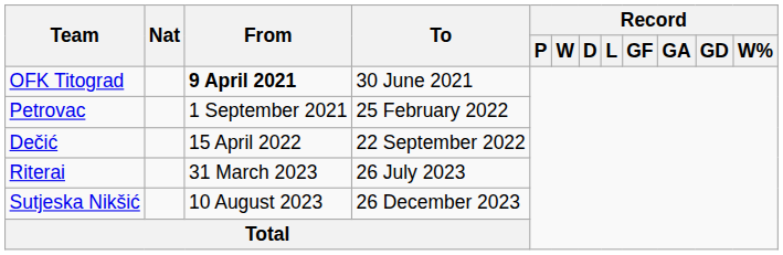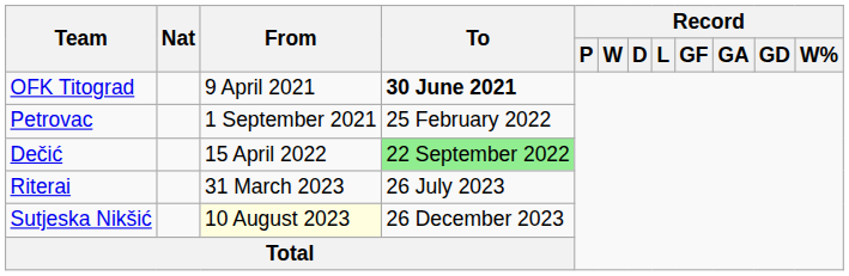 <table class="wikitable" style="text-align:center">
 <tr>
 <th rowspan="2">Team</th>
 <th rowspan="2">Nat</th>
 <th rowspan="2">From</th>
 <th rowspan="2">To</th>
 <th colspan="8">Record</th>
 </tr>
 <tr>
 <th>P</th>
 <th>W</th>
 <th>D</th>
 <th>L</th>
 <th>GF</th>
 <th>GA</th>
 <th>GD</th>
 <th>W%</th>
 </tr>
 <tr>
 <td align=left><a href='#'>OFK Titograd</a></td>
 <td></td>
-<td align=left><strong>9 April 2021</strong></td>
-<td align=left>30 June 2021<br></td>
+<td align=left>9 April 2021</td>
+<td align=left><strong>30 June 2021<br></strong></td>
 </tr>
 <tr>
 <td align=left><a href='#'>Petrovac</a></td>
 <td></td>
 <td align=left>1 September 2021</td>
 <td align=left>25 February 2022<br></td>
 </tr>
 <tr>
 <td align=left><a href='#'>Dečić</a></td>
 <td></td>
 <td align=left>15 April 2022</td>
-<td align=left>22 September 2022<br></td>
+<td align=left style="background: lightgreen;">22 September 2022<br></td>
 </tr>
 <tr>
 <td align=left><a href='#'>Riterai</a></td>
 <td></td>
 <td align=left>31 March 2023</td>
 <td align=left>26 July 2023<br></td>
 </tr>
 <tr>
 <td align=left><a href='#'>Sutjeska Nikšić</a></td>
 <td></td>
-<td align=left>10 August 2023</td>
+<td align=left style="background: lightyellow;">10 August 2023</td>
 <td align=left>26 December 2023<br></td>
 </tr>
 <tr>
 <th colspan="4">Total<br></th>
 </tr>
 </table>
